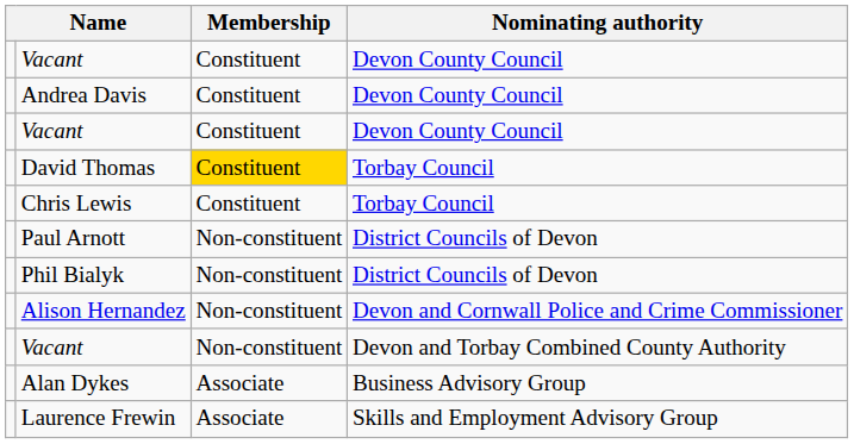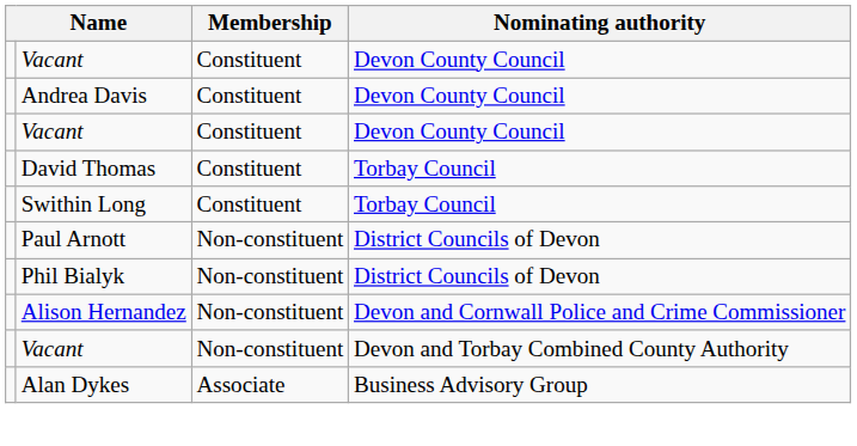 <table class="wikitable sortable">
 <tr>
 <th colspan=2>Name</th>
 <th>Membership</th>
 <th>Nominating authority</th>
 </tr>
 <tr>
 <td></td>
 <td><em>Vacant</em></td>
 <td>Constituent</td>
 <td><a href='#'>Devon County Council</a></td>
 </tr>
 <tr>
 <td style="background:"></td>
 <td>Andrea Davis</td>
 <td>Constituent</td>
 <td><a href='#'>Devon County Council</a></td>
 </tr>
 <tr>
 <td></td>
 <td><em>Vacant</em></td>
 <td>Constituent</td>
 <td><a href='#'>Devon County Council</a></td>
 </tr>
 <tr>
 <td style="background:"></td>
 <td>David Thomas</td>
-<td style="background: gold;">Constituent</td>
+<td>Constituent</td>
 <td><a href='#'>Torbay Council</a></td>
 </tr>
 <tr>
 <td style="background:"></td>
-<td>Chris Lewis</td>
+<td>Swithin Long</td>
 <td>Constituent</td>
 <td><a href='#'>Torbay Council</a></td>
 </tr>
 <tr>
 <td style="background:"></td>
 <td>Paul Arnott</td>
 <td>Non-constituent</td>
 <td><a href='#'>District Councils</a> of Devon</td>
 </tr>
 <tr>
 <td style="background:"></td>
 <td>Phil Bialyk</td>
 <td>Non-constituent</td>
 <td><a href='#'>District Councils</a> of Devon</td>
 </tr>
 <tr>
 <td style="background:"></td>
 <td><a href='#'>Alison Hernandez</a></td>
 <td>Non-constituent</td>
 <td><a href='#'>Devon and Cornwall Police and Crime Commissioner</a></td>
 </tr>
 <tr>
 <td></td>
 <td><em>Vacant</em></td>
 <td>Non-constituent</td>
 <td>Devon and Torbay Combined County Authority</td>
 </tr>
 <tr>
 <td></td>
 <td>Alan Dykes</td>
 <td>Associate</td>
 <td>Business Advisory Group</td>
 </tr>
-<tr>
-<td></td>
-<td>Laurence Frewin</td>
-<td>Associate</td>
-<td>Skills and Employment Advisory Group</td>
-</tr>
 </table>
